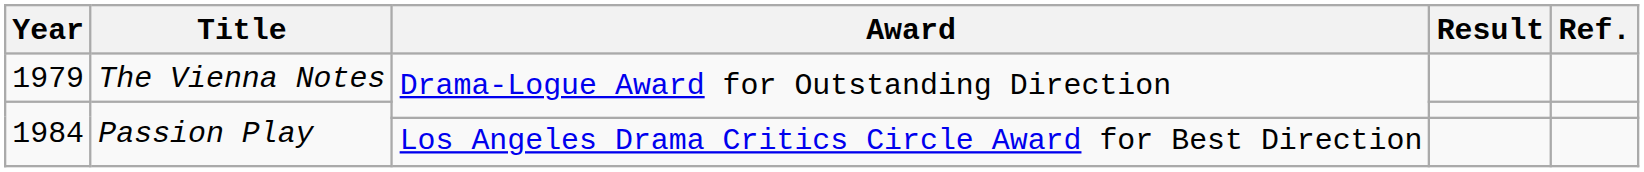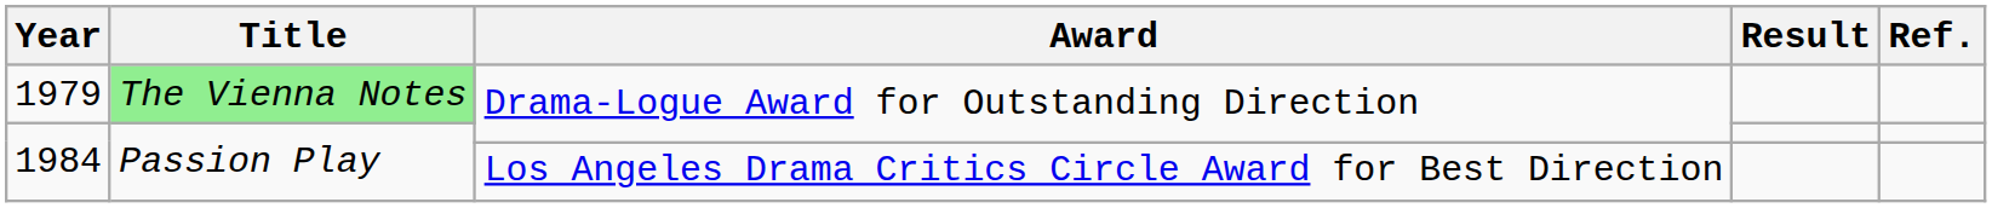 <table class="wikitable sortable">
 <tr>
 <th>Year</th>
 <th>Title</th>
 <th>Award</th>
 <th>Result</th>
 <th>Ref.</th>
 </tr>
 <tr>
 <td>1979</td>
-<td><em>The Vienna Notes</em></td>
+<td style="background: lightgreen;"><em>The Vienna Notes</em></td>
 <td rowspan="2"><a href='#'>Drama-Logue Award</a> for Outstanding Direction</td>
 <td></td>
 <td></td>
 </tr>
 <tr>
 <td rowspan="2">1984</td>
 <td rowspan="2"><em>Passion Play</em></td>
 <td></td>
 <td></td>
 </tr>
 <tr>
 <td><a href='#'>Los Angeles Drama Critics Circle Award</a> for Best Direction</td>
 <td></td>
 <td></td>
 </tr>
 </table>
